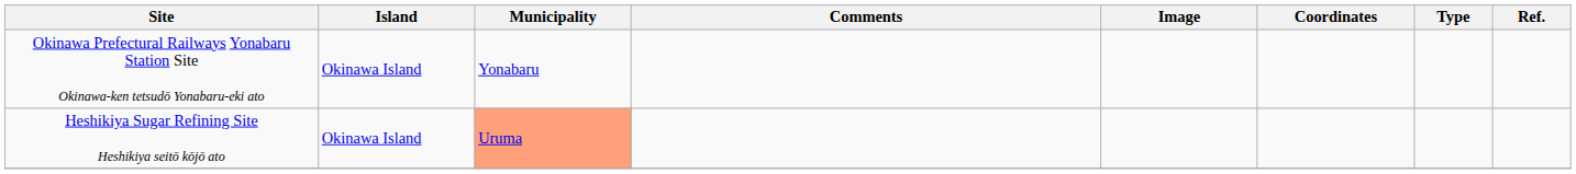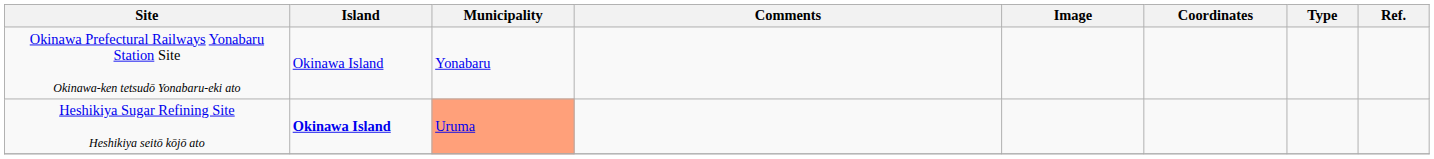 <table class="wikitable sortable"  style="width:100%;">
 <tr>
 <th width="20%" align="left">Site</th>
 <th width="10%" align="left">Island</th>
 <th width="10%" align="left">Municipality</th>
 <th width="30%" align="left" class="unsortable">Comments</th>
 <th width="10%" align="left"  class="unsortable">Image</th>
 <th width="10%" align="left" class="unsortable">Coordinates</th>
 <th width="5%" align="left">Type</th>
 <th width="5%" align="left"  class="unsortable">Ref.</th>
 </tr>
 <tr>
 <td align="center"><a href='#'>Okinawa Prefectural Railways</a> <a href='#'>Yonabaru Station</a> Site<br><br><small><em>Okinawa-ken tetsudō Yonabaru-eki ato</em></small></td>
 <td><a href='#'>Okinawa Island</a></td>
 <td><a href='#'>Yonabaru</a></td>
 <td></td>
 <td></td>
 <td></td>
 <td></td>
 <td></td>
 </tr>
 <tr>
 <td align="center"><a href='#'>Heshikiya Sugar Refining Site</a><br><br><small><em>Heshikiya seitō kōjō ato</em></small></td>
-<td><a href='#'>Okinawa Island</a></td>
+<td><strong><a href='#'>Okinawa Island</a></strong></td>
 <td style="background: lightsalmon;"><a href='#'>Uruma</a></td>
 <td></td>
 <td></td>
 <td></td>
 <td></td>
 <td></td>
 </tr>
 <tr>
 </tr>
 </table>
